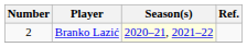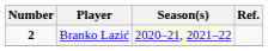 <table class="wikitable">
 <tr>
 <th>Number</th>
 <th>Player</th>
 <th>Season(s)</th>
 <th>Ref.</th>
 </tr>
 <tr>
-<td style="text-align:center;">2</td>
+<td style="text-align:center;"><strong>2</strong></td>
 <td> <a href='#'>Branko Lazić</a></td>
 <td style="background: lightyellow;"><a href='#'>2020–21</a>, <a href='#'>2021–22</a></td>
 <td></td>
 </tr>
 <tr>
 </tr>
 </table>
